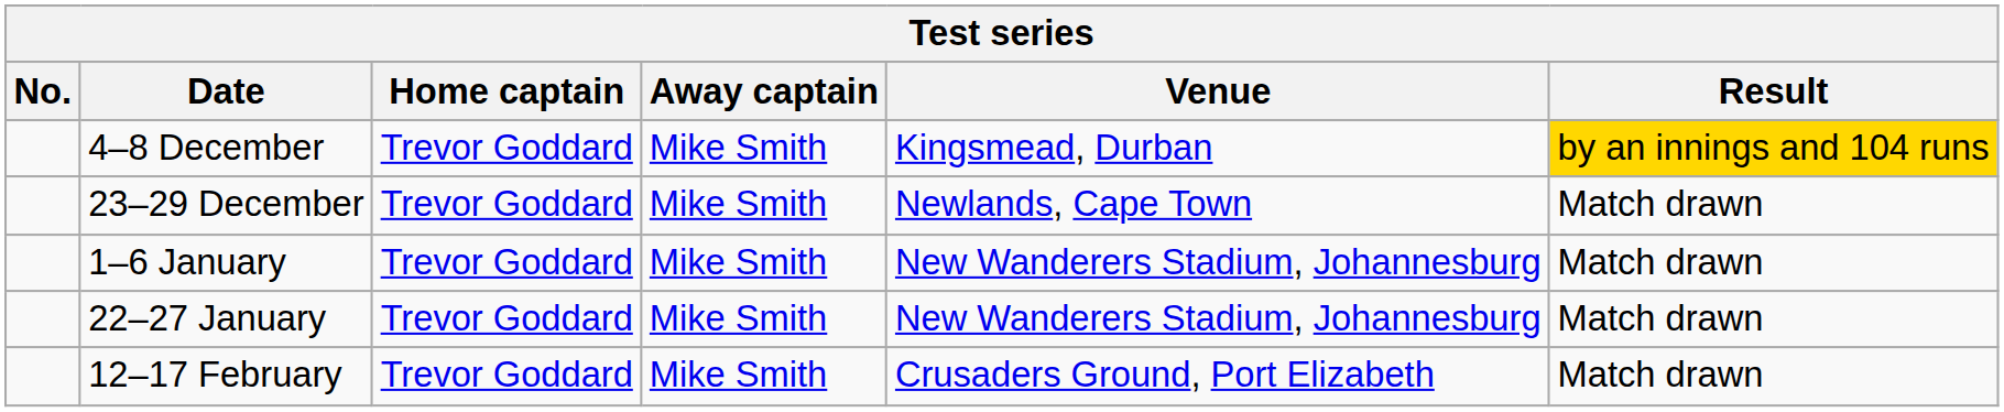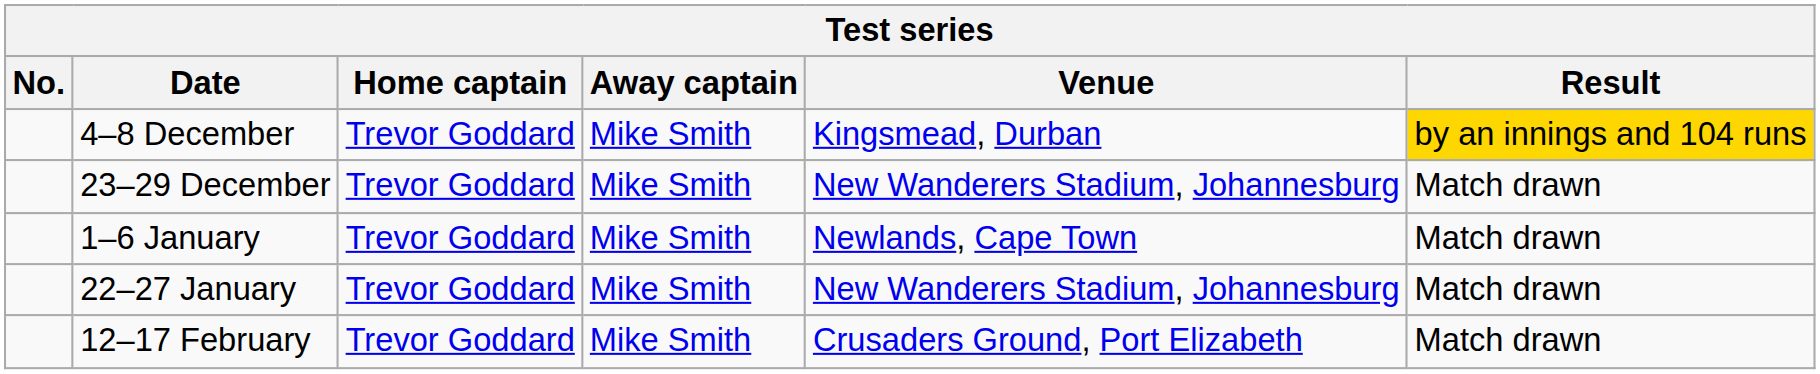 <table class="wikitable">
 <tr>
 <th colspan="9">Test series</th>
 </tr>
 <tr>
 <th>No.</th>
 <th>Date</th>
 <th>Home captain</th>
 <th>Away captain</th>
 <th>Venue</th>
 <th>Result</th>
 </tr>
 <tr>
 <td></td>
 <td>4–8 December</td>
 <td><a href='#'>Trevor Goddard</a></td>
 <td><a href='#'>Mike Smith</a></td>
 <td><a href='#'>Kingsmead</a>, <a href='#'>Durban</a></td>
 <td style="background: gold;"> by an innings and 104 runs</td>
 </tr>
 <tr>
 <td></td>
 <td>23–29 December</td>
 <td><a href='#'>Trevor Goddard</a></td>
 <td><a href='#'>Mike Smith</a></td>
-<td><a href='#'>Newlands</a>, <a href='#'>Cape Town</a></td>
+<td><a href='#'>New Wanderers Stadium</a>, <a href='#'>Johannesburg</a></td>
 <td>Match drawn</td>
 </tr>
 <tr>
 <td></td>
 <td>1–6 January</td>
 <td><a href='#'>Trevor Goddard</a></td>
 <td><a href='#'>Mike Smith</a></td>
-<td><a href='#'>New Wanderers Stadium</a>, <a href='#'>Johannesburg</a></td>
+<td><a href='#'>Newlands</a>, <a href='#'>Cape Town</a></td>
 <td>Match drawn</td>
 </tr>
 <tr>
 <td></td>
 <td>22–27 January</td>
 <td><a href='#'>Trevor Goddard</a></td>
 <td><a href='#'>Mike Smith</a></td>
 <td><a href='#'>New Wanderers Stadium</a>, <a href='#'>Johannesburg</a></td>
 <td>Match drawn</td>
 </tr>
 <tr>
 <td></td>
 <td>12–17 February</td>
 <td><a href='#'>Trevor Goddard</a></td>
 <td><a href='#'>Mike Smith</a></td>
 <td><a href='#'>Crusaders Ground</a>, <a href='#'>Port Elizabeth</a></td>
 <td>Match drawn</td>
 </tr>
 </table>
